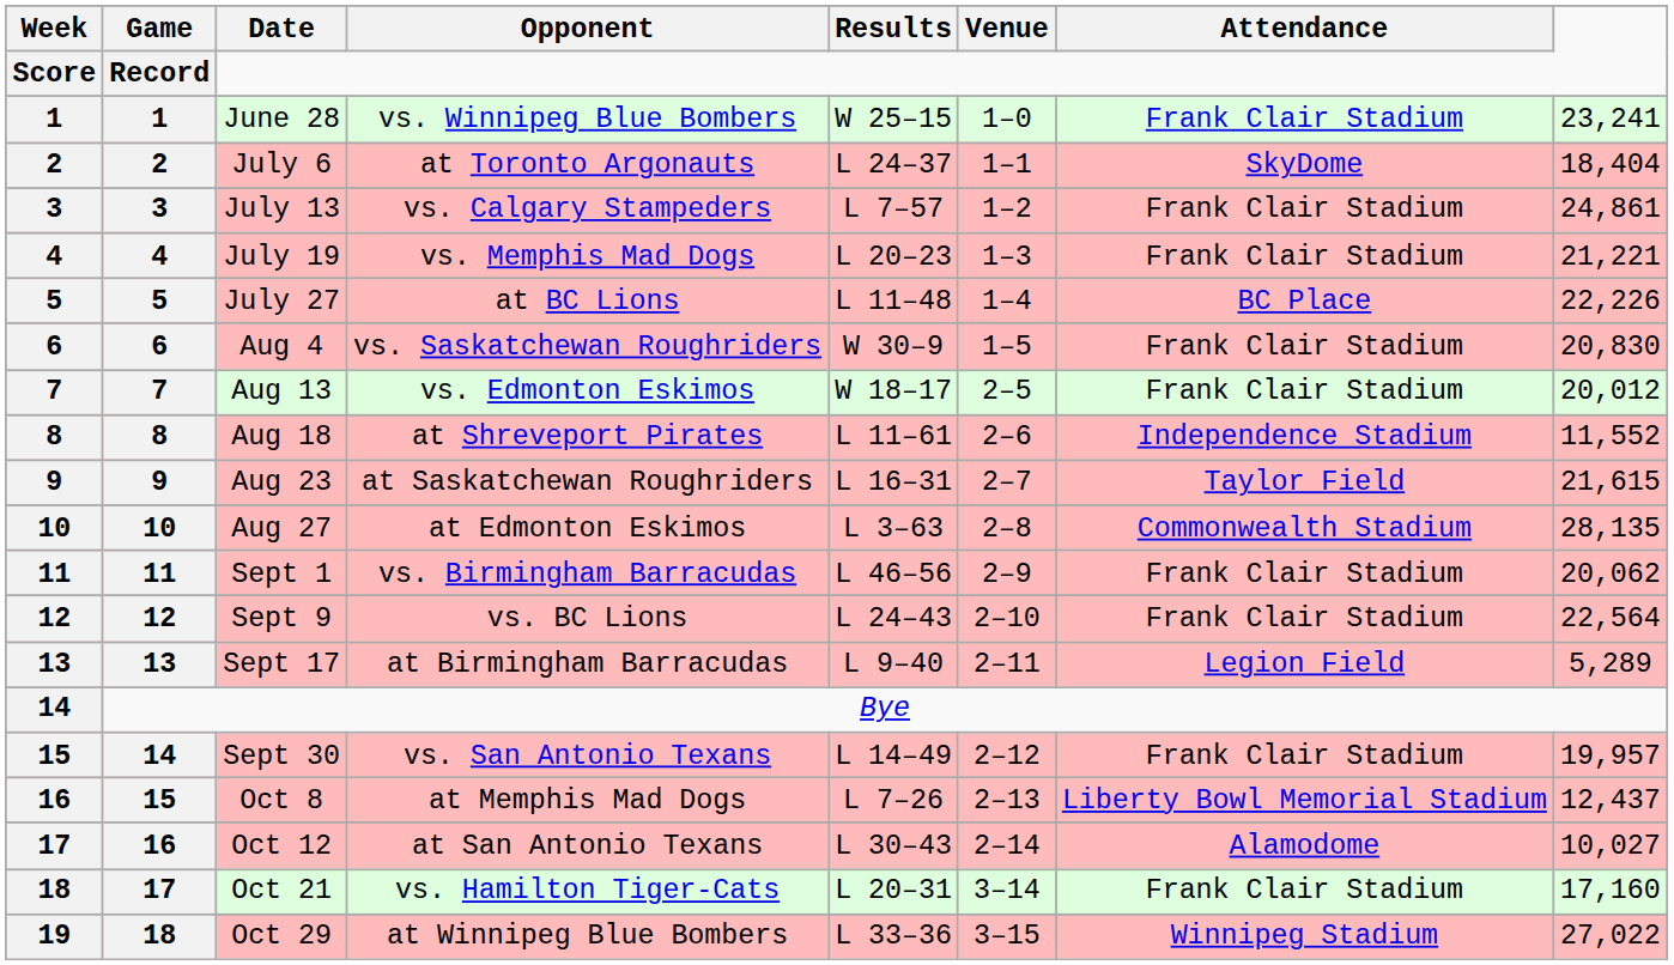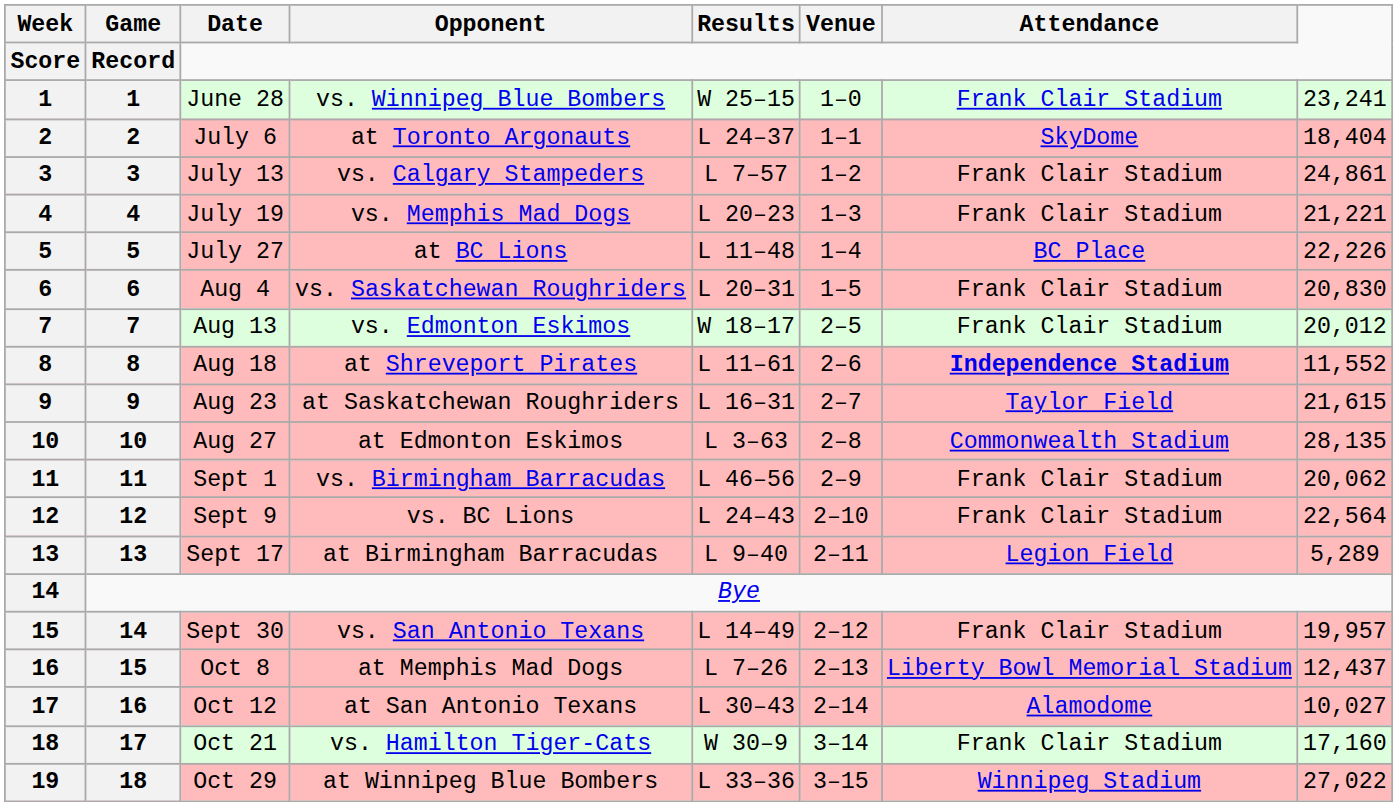 <table class="wikitable" style="text-align:center">
 <tr>
 <th>Week</th>
 <th>Game</th>
 <th>Date</th>
 <th>Opponent</th>
 <th>Results</th>
 <th>Venue</th>
 <th>Attendance</th>
 </tr>
 <tr>
 <th>Score</th>
 <th>Record</th>
 </tr>
 <tr style="background:#ddffdd">
 <th>1</th>
 <th>1</th>
 <td>June 28</td>
 <td>vs. <a href='#'>Winnipeg Blue Bombers</a></td>
 <td>W 25–15</td>
 <td>1–0</td>
 <td><a href='#'>Frank Clair Stadium</a></td>
 <td>23,241</td>
 </tr>
 <tr style="background:#ffbbbb">
 <th>2</th>
 <th>2</th>
 <td>July 6</td>
 <td>at <a href='#'>Toronto Argonauts</a></td>
 <td>L 24–37</td>
 <td>1–1</td>
 <td><a href='#'>SkyDome</a></td>
 <td>18,404</td>
 </tr>
 <tr style="background:#ffbbbb">
 <th>3</th>
 <th>3</th>
 <td>July 13</td>
 <td>vs. <a href='#'>Calgary Stampeders</a></td>
 <td>L 7–57</td>
 <td>1–2</td>
 <td>Frank Clair Stadium</td>
 <td>24,861</td>
 </tr>
 <tr style="background:#ffbbbb">
 <th>4</th>
 <th>4</th>
 <td>July 19</td>
 <td>vs. <a href='#'>Memphis Mad Dogs</a></td>
 <td>L 20–23</td>
 <td>1–3</td>
 <td>Frank Clair Stadium</td>
 <td>21,221</td>
 </tr>
 <tr style="background:#ffbbbb">
 <th>5</th>
 <th>5</th>
 <td>July 27</td>
 <td>at <a href='#'>BC Lions</a></td>
 <td>L 11–48</td>
 <td>1–4</td>
 <td><a href='#'>BC Place</a></td>
 <td>22,226</td>
 </tr>
 <tr style="background:#ffbbbb">
 <th>6</th>
 <th>6</th>
 <td>Aug 4</td>
 <td>vs. <a href='#'>Saskatchewan Roughriders</a></td>
-<td>W 30–9</td>
+<td>L 20–31</td>
 <td>1–5</td>
 <td>Frank Clair Stadium</td>
 <td>20,830</td>
 </tr>
 <tr style="background:#ddffdd">
 <th>7</th>
 <th>7</th>
 <td>Aug 13</td>
 <td>vs. <a href='#'>Edmonton Eskimos</a></td>
 <td>W 18–17</td>
 <td>2–5</td>
 <td>Frank Clair Stadium</td>
 <td>20,012</td>
 </tr>
 <tr style="background:#ffbbbb">
 <th>8</th>
 <th>8</th>
 <td>Aug 18</td>
 <td>at <a href='#'>Shreveport Pirates</a></td>
 <td>L 11–61</td>
 <td>2–6</td>
-<td><a href='#'>Independence Stadium</a></td>
+<td><strong><a href='#'>Independence Stadium</a></strong></td>
 <td>11,552</td>
 </tr>
 <tr style="background:#ffbbbb">
 <th>9</th>
 <th>9</th>
 <td>Aug 23</td>
 <td>at Saskatchewan Roughriders</td>
 <td>L 16–31</td>
 <td>2–7</td>
 <td><a href='#'>Taylor Field</a></td>
 <td>21,615</td>
 </tr>
 <tr style="background:#ffbbbb">
 <th>10</th>
 <th>10</th>
 <td>Aug 27</td>
 <td>at Edmonton Eskimos</td>
 <td>L 3–63</td>
 <td>2–8</td>
 <td><a href='#'>Commonwealth Stadium</a></td>
 <td>28,135</td>
 </tr>
 <tr style="background:#ffbbbb">
 <th>11</th>
 <th>11</th>
 <td>Sept 1</td>
 <td>vs. <a href='#'>Birmingham Barracudas</a></td>
 <td>L 46–56</td>
 <td>2–9</td>
 <td>Frank Clair Stadium</td>
 <td>20,062</td>
 </tr>
 <tr style="background:#ffbbbb">
 <th>12</th>
 <th>12</th>
 <td>Sept 9</td>
 <td>vs. BC Lions</td>
 <td>L 24–43</td>
 <td>2–10</td>
 <td>Frank Clair Stadium</td>
 <td>22,564</td>
 </tr>
 <tr style="background:#ffbbbb">
 <th>13</th>
 <th>13</th>
 <td>Sept 17</td>
 <td>at Birmingham Barracudas</td>
 <td>L 9–40</td>
 <td>2–11</td>
 <td><a href='#'>Legion Field</a></td>
 <td>5,289</td>
 </tr>
 <tr align="center">
 <th>14</th>
 <td colspan=7 align="center"><em><a href='#'>Bye</a></em></td>
 </tr>
 <tr style="background:#ffbbbb">
 <th>15</th>
 <th>14</th>
 <td>Sept 30</td>
 <td>vs. <a href='#'>San Antonio Texans</a></td>
 <td>L 14–49</td>
 <td>2–12</td>
 <td>Frank Clair Stadium</td>
 <td>19,957</td>
 </tr>
 <tr style="background:#ffbbbb">
 <th>16</th>
 <th>15</th>
 <td>Oct 8</td>
 <td>at Memphis Mad Dogs</td>
 <td>L 7–26</td>
 <td>2–13</td>
 <td><a href='#'>Liberty Bowl Memorial Stadium</a></td>
 <td>12,437</td>
 </tr>
 <tr style="background:#ffbbbb">
 <th>17</th>
 <th>16</th>
 <td>Oct 12</td>
 <td>at San Antonio Texans</td>
 <td>L 30–43</td>
 <td>2–14</td>
 <td><a href='#'>Alamodome</a></td>
 <td>10,027</td>
 </tr>
 <tr style="background:#ddffdd">
 <th>18</th>
 <th>17</th>
 <td>Oct 21</td>
 <td>vs. <a href='#'>Hamilton Tiger-Cats</a></td>
-<td>L 20–31</td>
+<td>W 30–9</td>
 <td>3–14</td>
 <td>Frank Clair Stadium</td>
 <td>17,160</td>
 </tr>
 <tr style="background:#ffbbbb">
 <th>19</th>
 <th>18</th>
 <td>Oct 29</td>
 <td>at Winnipeg Blue Bombers</td>
 <td>L 33–36</td>
 <td>3–15</td>
 <td><a href='#'>Winnipeg Stadium</a></td>
 <td>27,022</td>
 </tr>
 </table>
